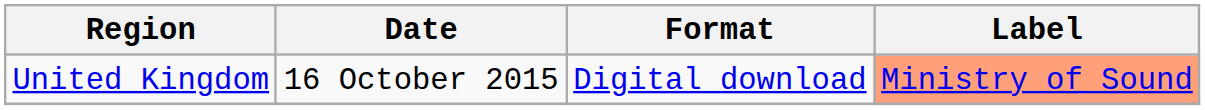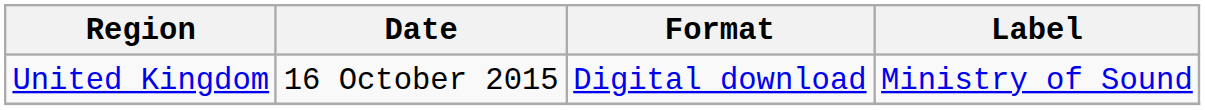 <table class=wikitable>
 <tr>
 <th>Region</th>
 <th>Date</th>
 <th>Format</th>
 <th>Label</th>
 </tr>
 <tr>
 <td><a href='#'>United Kingdom</a></td>
 <td>16 October 2015</td>
 <td><a href='#'>Digital download</a></td>
-<td style="background: lightsalmon;"><a href='#'>Ministry of Sound</a></td>
+<td><a href='#'>Ministry of Sound</a></td>
 </tr>
 <tr>
 </tr>
 </table>
